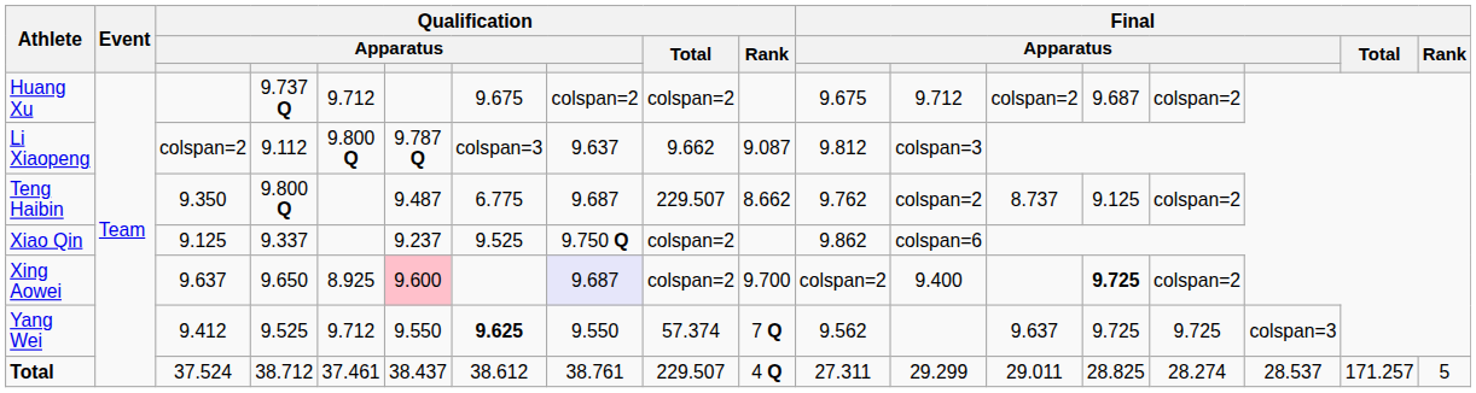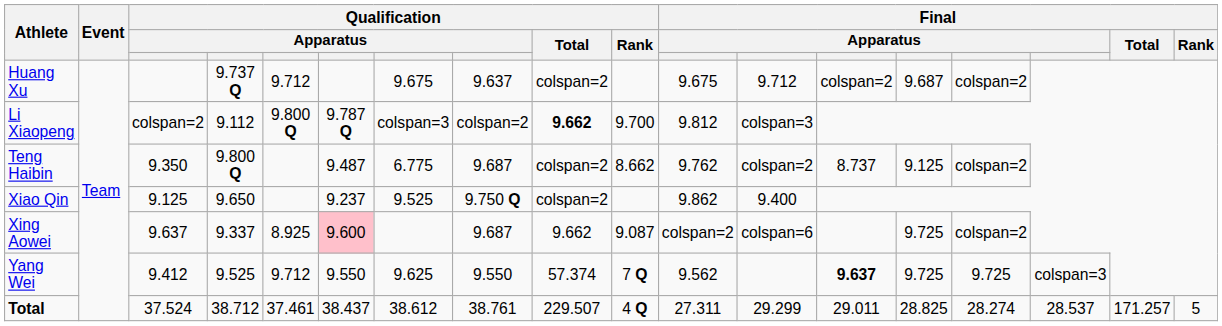 <table class="wikitable" style="font-size:90%">
 <tr>
 <th rowspan=3>Athlete</th>
 <th rowspan=3>Event</th>
 <th colspan =8>Qualification</th>
 <th colspan =8>Final</th>
 </tr>
 <tr style="font-size:95%">
 <th colspan=6>Apparatus</th>
 <th rowspan=2>Total</th>
 <th rowspan=2>Rank</th>
 <th colspan=6>Apparatus</th>
 <th rowspan=2>Total</th>
 <th rowspan=2>Rank</th>
 </tr>
 <tr style="font-size:95%">
 <th></th>
 <th></th>
 <th></th>
 <th></th>
 <th></th>
 <th></th>
 <th></th>
 <th></th>
 <th></th>
 <th></th>
 <th></th>
 <th></th>
 </tr>
 <tr align=center>
 <td align=left><a href='#'>Huang Xu</a></td>
 <td style="text-align:left;" rowspan="7"><a href='#'>Team</a></td>
 <td></td>
 <td>9.737 <strong>Q</strong></td>
 <td>9.712</td>
 <td></td>
 <td>9.675</td>
-<td>colspan=2 </td>
+<td>9.637</td>
 <td>colspan=2 </td>
 <td></td>
 <td>9.675</td>
 <td>9.712</td>
 <td>colspan=2 </td>
 <td>9.687</td>
 <td>colspan=2 </td>
 </tr>
 <tr align=center>
 <td align=left><a href='#'>Li Xiaopeng</a></td>
 <td>colspan=2 </td>
 <td>9.112</td>
 <td>9.800 <strong>Q</strong></td>
 <td>9.787 <strong>Q</strong></td>
 <td>colspan=3 </td>
-<td>9.637</td>
-<td>9.662</td>
-<td>9.087</td>
+<td>colspan=2 </td>
+<td><strong>9.662</strong></td>
+<td>9.700</td>
 <td>9.812</td>
 <td>colspan=3 </td>
 </tr>
 <tr align=center>
 <td align=left><a href='#'>Teng Haibin</a></td>
 <td>9.350</td>
 <td>9.800 <strong>Q</strong></td>
 <td></td>
 <td>9.487</td>
 <td>6.775</td>
 <td>9.687</td>
-<td>229.507</td>
+<td>colspan=2 </td>
 <td>8.662</td>
 <td>9.762</td>
 <td>colspan=2 </td>
 <td>8.737</td>
 <td>9.125</td>
 <td>colspan=2 </td>
 </tr>
 <tr align=center>
 <td align=left><a href='#'>Xiao Qin</a></td>
 <td>9.125</td>
-<td>9.337</td>
+<td>9.650</td>
 <td></td>
 <td>9.237</td>
 <td>9.525</td>
 <td>9.750 <strong>Q</strong></td>
 <td>colspan=2 </td>
 <td></td>
 <td>9.862</td>
-<td>colspan=6 </td>
+<td>9.400</td>
 </tr>
 <tr align=center>
 <td align=left><a href='#'>Xing Aowei</a></td>
 <td>9.637</td>
-<td>9.650</td>
+<td>9.337</td>
 <td>8.925</td>
 <td style="background: pink;">9.600</td>
 <td></td>
-<td style="background: lavender;">9.687</td>
+<td>9.687</td>
+<td>9.662</td>
+<td>9.087</td>
 <td>colspan=2 </td>
-<td>9.700</td>
-<td>colspan=2 </td>
-<td>9.400</td>
+<td>colspan=6 </td>
 <td></td>
-<td><strong>9.725</strong></td>
+<td>9.725</td>
 <td>colspan=2 </td>
 </tr>
 <tr align=center>
 <td align=left><a href='#'>Yang Wei</a></td>
 <td>9.412</td>
 <td>9.525</td>
 <td>9.712</td>
 <td>9.550</td>
-<td><strong>9.625</strong></td>
+<td>9.625</td>
 <td>9.550</td>
 <td>57.374</td>
 <td>7 <strong>Q</strong></td>
 <td>9.562</td>
 <td></td>
-<td>9.637</td>
+<td><strong>9.637</strong></td>
 <td>9.725</td>
 <td>9.725</td>
 <td>colspan=3 </td>
 </tr>
 <tr align=center>
 <td align=left><strong>Total</strong></td>
 <td>37.524</td>
 <td>38.712</td>
 <td>37.461</td>
 <td>38.437</td>
 <td>38.612</td>
 <td>38.761</td>
 <td>229.507</td>
 <td>4 <strong>Q</strong></td>
 <td>27.311</td>
 <td>29.299</td>
 <td>29.011</td>
 <td>28.825</td>
 <td>28.274</td>
 <td>28.537</td>
 <td>171.257</td>
 <td>5</td>
 </tr>
 </table>
